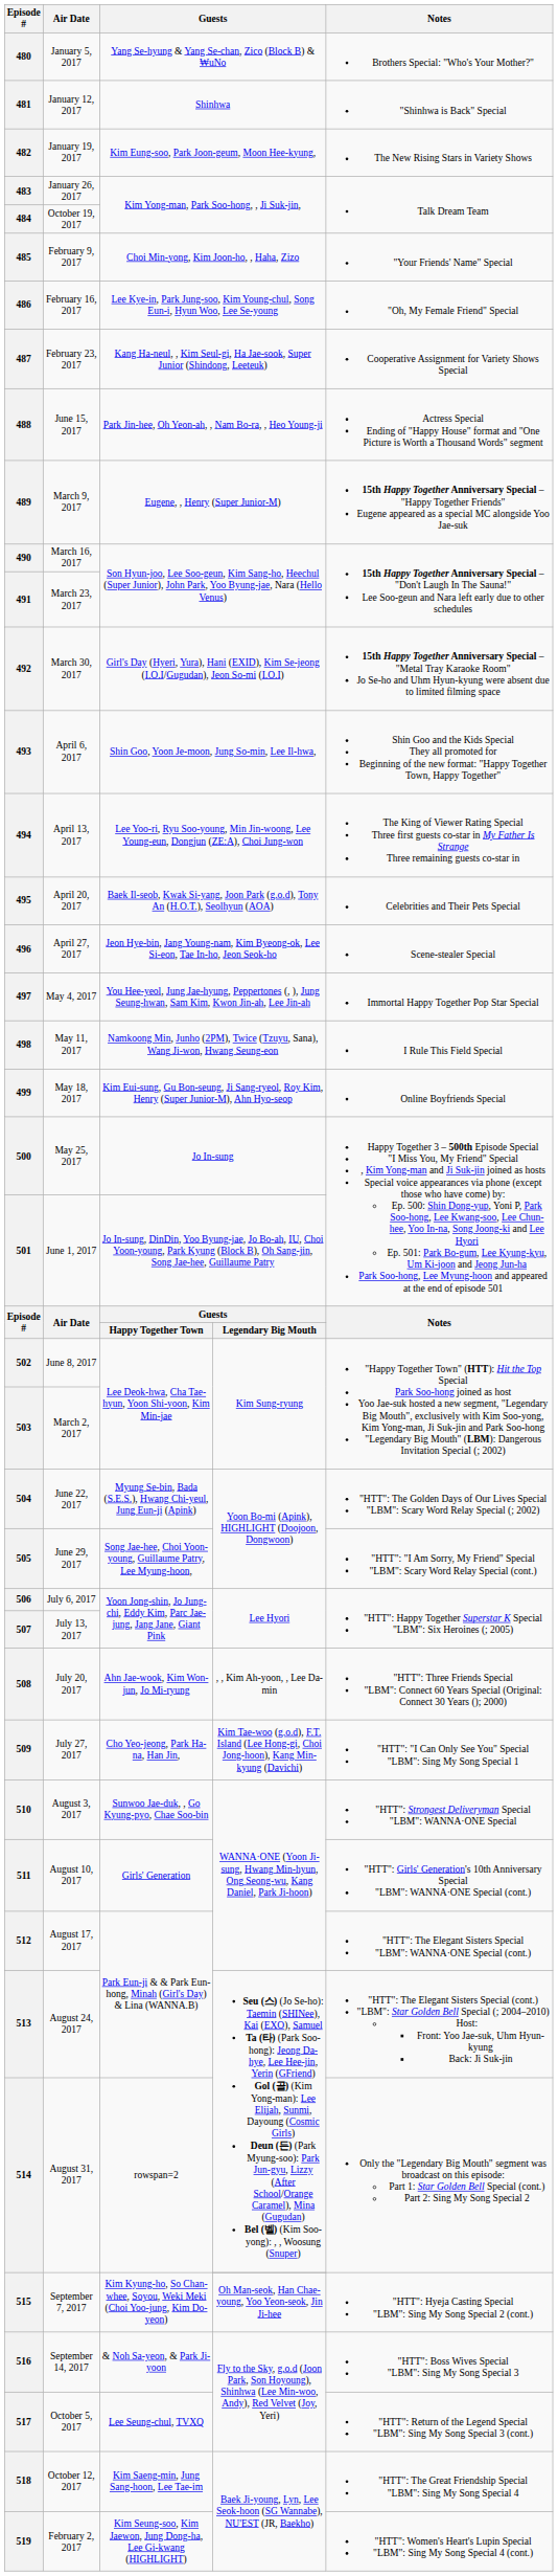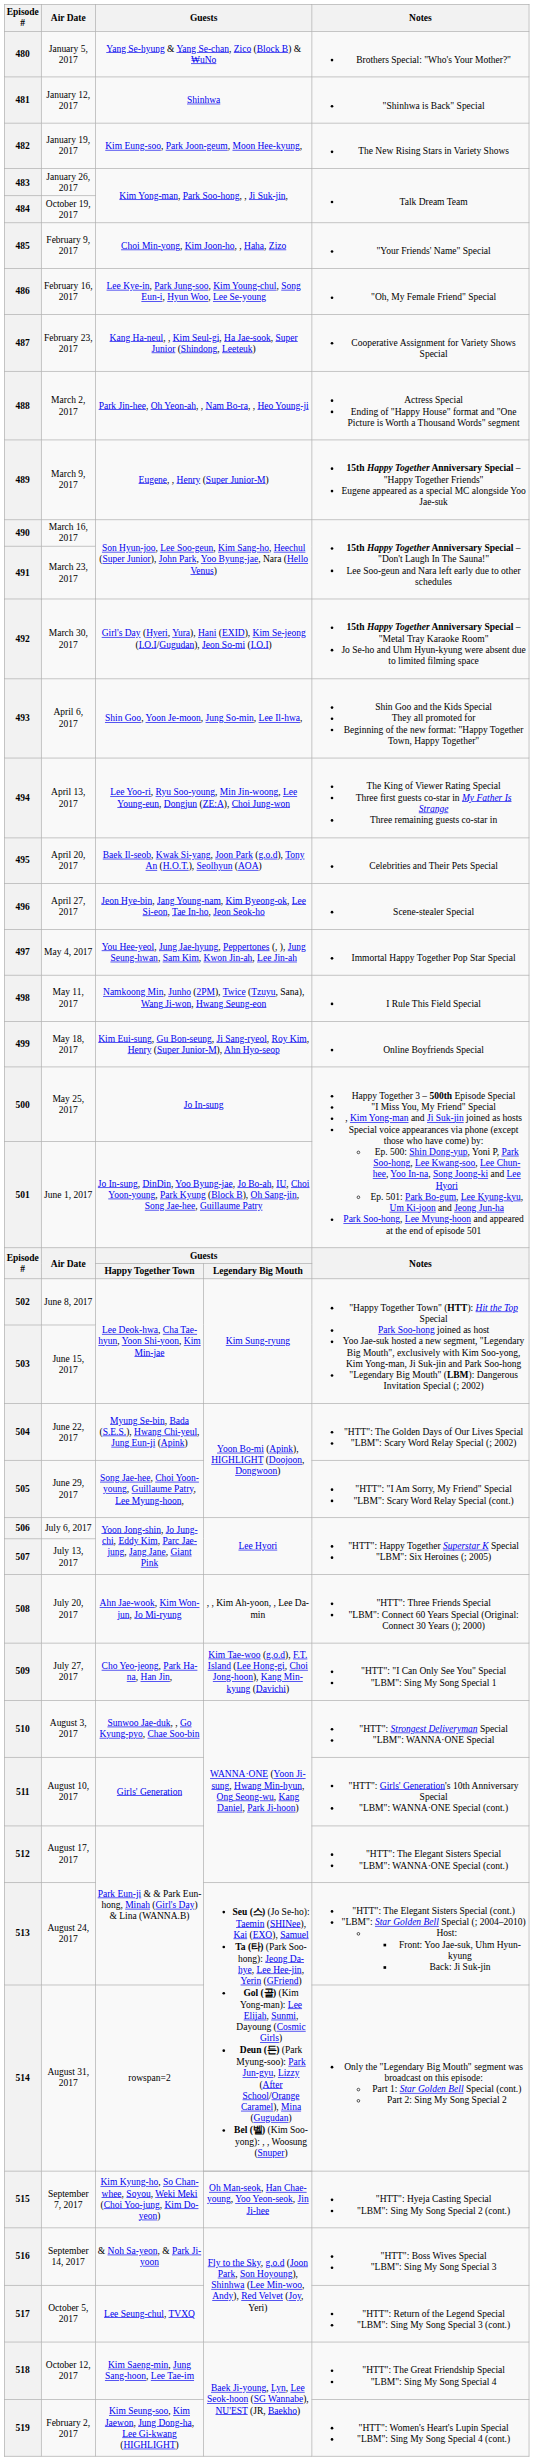 <table class="wikitable" style="text-align:center; font-size:90%; width:90%;">
 <tr>
 <th width="1%">Episode #</th>
 <th width="10%">Air Date</th>
 <th colspan="2" width="40%">Guests</th>
 <th width="40%">Notes</th>
 </tr>
 <tr>
 <th>480</th>
 <td>January 5, 2017</td>
 <td colspan=2><a href='#'>Yang Se-hyung</a> & <a href='#'>Yang Se-chan</a>, <a href='#'>Zico</a> (<a href='#'>Block B</a>) & <a href='#'>₩uNo</a></td>
 <td><br><ul><li>Brothers Special: "Who's Your Mother?"</li></ul></td>
 </tr>
 <tr>
 <th>481</th>
 <td>January 12, 2017</td>
 <td colspan=2><a href='#'>Shinhwa</a></td>
 <td><br><ul><li>"Shinhwa is Back" Special</li></ul></td>
 </tr>
 <tr>
 <th>482</th>
 <td>January 19, 2017</td>
 <td colspan=2><a href='#'>Kim Eung-soo</a>, <a href='#'>Park Joon-geum</a>, <a href='#'>Moon Hee-kyung</a>, </td>
 <td><br><ul><li>The New Rising Stars in Variety Shows</li></ul></td>
 </tr>
 <tr>
 <th>483</th>
 <td>January 26, 2017</td>
 <td colspan="2" rowspan="2"><a href='#'>Kim Yong-man</a>, <a href='#'>Park Soo-hong</a>, , <a href='#'>Ji Suk-jin</a>, </td>
 <td rowspan=2><br><ul><li>Talk Dream Team</li></ul></td>
 </tr>
 <tr>
 <th>484</th>
 <td>October 19, 2017</td>
 </tr>
 <tr>
 <th>485</th>
 <td>February 9, 2017</td>
 <td colspan=2><a href='#'>Choi Min-yong</a>, <a href='#'>Kim Joon-ho</a>, , <a href='#'>Haha</a>, <a href='#'>Zizo</a></td>
 <td><br><ul><li>"Your Friends' Name" Special</li></ul></td>
 </tr>
 <tr>
 <th>486</th>
 <td>February 16, 2017</td>
 <td colspan=2><a href='#'>Lee Kye-in</a>, <a href='#'>Park Jung-soo</a>, <a href='#'>Kim Young-chul</a>, <a href='#'>Song Eun-i</a>, <a href='#'>Hyun Woo</a>, <a href='#'>Lee Se-young</a></td>
 <td><br><ul><li>"Oh, My Female Friend" Special</li></ul></td>
 </tr>
 <tr>
 <th>487</th>
 <td>February 23, 2017</td>
 <td colspan=2><a href='#'>Kang Ha-neul</a>, , <a href='#'>Kim Seul-gi</a>, <a href='#'>Ha Jae-sook</a>, <a href='#'>Super Junior</a> (<a href='#'>Shindong</a>, <a href='#'>Leeteuk</a>)</td>
 <td><br><ul><li>Cooperative Assignment for Variety Shows Special</li></ul></td>
 </tr>
 <tr>
 <th>488</th>
-<td>June 15, 2017</td>
+<td>March 2, 2017</td>
 <td colspan=2><a href='#'>Park Jin-hee</a>, <a href='#'>Oh Yeon-ah</a>, , <a href='#'>Nam Bo-ra</a>, , <a href='#'>Heo Young-ji</a></td>
 <td><br><ul><li>Actress Special</li><li>Ending of "Happy House" format and "One Picture is Worth a Thousand Words" segment</li></ul></td>
 </tr>
 <tr>
 <th>489</th>
 <td>March 9, 2017</td>
 <td colspan=2><a href='#'>Eugene</a>, , <a href='#'>Henry</a> (<a href='#'>Super Junior-M</a>)</td>
 <td><br><ul><li><strong>15th <em>Happy Together</em> Anniversary Special</strong> – "Happy Together Friends"</li><li>Eugene appeared as a special MC alongside Yoo Jae-suk</li></ul></td>
 </tr>
 <tr>
 <th>490</th>
 <td>March 16, 2017</td>
 <td colspan="2" rowspan="2"><a href='#'>Son Hyun-joo</a>, <a href='#'>Lee Soo-geun</a>, <a href='#'>Kim Sang-ho</a>, <a href='#'>Heechul</a> (<a href='#'>Super Junior</a>), <a href='#'>John Park</a>, <a href='#'>Yoo Byung-jae</a>, Nara (<a href='#'>Hello Venus</a>)</td>
 <td rowspan=2><br><ul><li><strong>15th <em>Happy Together</em> Anniversary Special</strong> – "Don't Laugh In The Sauna!"</li><li>Lee Soo-geun and Nara left early due to other schedules</li></ul></td>
 </tr>
 <tr>
 <th rowspan=2>491</th>
 <td rowspan=2>March 23, 2017</td>
 </tr>
 <tr>
 <td colspan="2" rowspan="2"><a href='#'>Girl's Day</a> (<a href='#'>Hyeri</a>, <a href='#'>Yura</a>), <a href='#'>Hani</a> (<a href='#'>EXID</a>), <a href='#'>Kim Se-jeong</a> (<a href='#'>I.O.I</a>/<a href='#'>Gugudan</a>), <a href='#'>Jeon So-mi</a> (<a href='#'>I.O.I</a>)</td>
 <td rowspan=2><br><ul><li><strong>15th <em>Happy Together</em> Anniversary Special</strong> – "Metal Tray Karaoke Room"</li><li>Jo Se-ho and Uhm Hyun-kyung were absent due to limited filming space</li></ul></td>
 </tr>
 <tr>
 <th>492</th>
 <td>March 30, 2017</td>
 </tr>
 <tr>
 <th>493</th>
 <td>April 6, 2017</td>
 <td colspan=2><a href='#'>Shin Goo</a>, <a href='#'>Yoon Je-moon</a>, <a href='#'>Jung So-min</a>, <a href='#'>Lee Il-hwa</a>, </td>
 <td><br><ul><li>Shin Goo and the Kids Special</li><li>They all promoted for <em></em></li><li>Beginning of the new format: "Happy Together Town, Happy Together"</li></ul></td>
 </tr>
 <tr>
 <th>494</th>
 <td>April 13, 2017</td>
 <td colspan=2><a href='#'>Lee Yoo-ri</a>, <a href='#'>Ryu Soo-young</a>, <a href='#'>Min Jin-woong</a>, <a href='#'>Lee Young-eun</a>, <a href='#'>Dongjun</a> (<a href='#'>ZE:A</a>), <a href='#'>Choi Jung-won</a></td>
 <td><br><ul><li>The King of Viewer Rating Special</li><li>Three first guests co-star in <em><a href='#'>My Father Is Strange</a></em></li><li>Three remaining guests co-star in <em></em></li></ul></td>
 </tr>
 <tr>
 <th>495</th>
 <td>April 20, 2017</td>
 <td colspan=2><a href='#'>Baek Il-seob</a>, <a href='#'>Kwak Si-yang</a>, <a href='#'>Joon Park</a> (<a href='#'>g.o.d</a>), <a href='#'>Tony An</a> (<a href='#'>H.O.T.</a>), <a href='#'>Seolhyun</a> (<a href='#'>AOA</a>)</td>
 <td><br><ul><li>Celebrities and Their Pets Special</li></ul></td>
 </tr>
 <tr>
 <th>496</th>
 <td>April 27, 2017</td>
 <td colspan=2><a href='#'>Jeon Hye-bin</a>, <a href='#'>Jang Young-nam</a>, <a href='#'>Kim Byeong-ok</a>, <a href='#'>Lee Si-eon</a>, <a href='#'>Tae In-ho</a>, <a href='#'>Jeon Seok-ho</a></td>
 <td><br><ul><li>Scene-stealer Special</li></ul></td>
 </tr>
 <tr>
 <th>497</th>
 <td>May 4, 2017</td>
 <td colspan=2><a href='#'>You Hee-yeol</a>, <a href='#'>Jung Jae-hyung</a>, <a href='#'>Peppertones</a> (, ), <a href='#'>Jung Seung-hwan</a>, <a href='#'>Sam Kim</a>, <a href='#'>Kwon Jin-ah</a>, <a href='#'>Lee Jin-ah</a></td>
 <td><br><ul><li>Immortal Happy Together Pop Star Special</li></ul></td>
 </tr>
 <tr>
 <th>498</th>
 <td>May 11, 2017</td>
 <td colspan=2><a href='#'>Namkoong Min</a>, <a href='#'>Junho</a> (<a href='#'>2PM</a>), <a href='#'>Twice</a> (<a href='#'>Tzuyu</a>, Sana), <a href='#'>Wang Ji-won</a>, <a href='#'>Hwang Seung-eon</a></td>
 <td><br><ul><li>I Rule This Field Special</li></ul></td>
 </tr>
 <tr>
 <th>499</th>
 <td>May 18, 2017</td>
 <td colspan=2><a href='#'>Kim Eui-sung</a>, <a href='#'>Gu Bon-seung</a>, <a href='#'>Ji Sang-ryeol</a>, <a href='#'>Roy Kim</a>, <a href='#'>Henry</a> (<a href='#'>Super Junior-M</a>), <a href='#'>Ahn Hyo-seop</a></td>
 <td><br><ul><li>Online Boyfriends Special</li></ul></td>
 </tr>
 <tr>
 <th>500</th>
 <td>May 25, 2017</td>
 <td colspan=2><a href='#'>Jo In-sung</a></td>
 <td rowspan=2><br><ul><li>Happy Together 3 – <strong>500th</strong> Episode Special</li><li>"I Miss You, My Friend" Special</li><li>, <a href='#'>Kim Yong-man</a> and <a href='#'>Ji Suk-jin</a> joined as hosts</li><li>Special voice appearances via phone (except those who have come) by:<ul><li>Ep. 500: <a href='#'>Shin Dong-yup</a>, Yoni P, <a href='#'>Park Soo-hong</a>, <a href='#'>Lee Kwang-soo</a>, <a href='#'>Lee Chun-hee</a>, <a href='#'>Yoo In-na</a>, <a href='#'>Song Joong-ki</a> and <a href='#'>Lee Hyori</a></li><li>Ep. 501: <a href='#'>Park Bo-gum</a>, <a href='#'>Lee Kyung-kyu</a>, <a href='#'>Um Ki-joon</a> and <a href='#'>Jeong Jun-ha</a></li></ul></li><li><a href='#'>Park Soo-hong</a>, <a href='#'>Lee Myung-hoon</a> and  appeared at the end of episode 501</li></ul></td>
 </tr>
 <tr>
 <th>501</th>
 <td>June 1, 2017</td>
 <td colspan=2><a href='#'>Jo In-sung</a>, <a href='#'>DinDin</a>, <a href='#'>Yoo Byung-jae</a>, <a href='#'>Jo Bo-ah</a>, <a href='#'>IU</a>, <a href='#'>Choi Yoon-young</a>, <a href='#'>Park Kyung</a> (<a href='#'>Block B</a>), <a href='#'>Oh Sang-jin</a>, <a href='#'>Song Jae-hee</a>, <a href='#'>Guillaume Patry</a></td>
 </tr>
 <tr>
 <th rowspan="2" width="1%">Episode #</th>
 <th rowspan="2" width="10%">Air Date</th>
 <th colspan="2" width="40%">Guests</th>
 <th rowspan="2" width="40%">Notes</th>
 </tr>
 <tr>
 <th width="20%">Happy Together Town</th>
 <th width="20%">Legendary Big Mouth</th>
 </tr>
 <tr>
 <th>502</th>
 <td>June 8, 2017</td>
 <td rowspan=2><a href='#'>Lee Deok-hwa</a>, <a href='#'>Cha Tae-hyun</a>, <a href='#'>Yoon Shi-yoon</a>, <a href='#'>Kim Min-jae</a></td>
 <td rowspan=2><a href='#'>Kim Sung-ryung</a></td>
 <td rowspan=2><br><ul><li>"Happy Together Town" (<strong>HTT</strong>): <em><a href='#'>Hit the Top</a></em> Special</li><li><a href='#'>Park Soo-hong</a> joined as host</li><li>Yoo Jae-suk hosted a new segment, "Legendary Big Mouth", exclusively with Kim Soo-yong, Kim Yong-man, Ji Suk-jin and Park Soo-hong</li><li>"Legendary Big Mouth" (<strong>LBM</strong>): Dangerous Invitation Special (; 2002)</li></ul></td>
 </tr>
 <tr>
 <th>503</th>
-<td>March 2, 2017</td>
+<td>June 15, 2017</td>
 </tr>
 <tr>
 <th>504</th>
 <td>June 22, 2017</td>
 <td><a href='#'>Myung Se-bin</a>, <a href='#'>Bada</a> (<a href='#'>S.E.S.</a>), <a href='#'>Hwang Chi-yeul</a>, <a href='#'>Jung Eun-ji</a> (<a href='#'>Apink</a>)</td>
 <td rowspan=2><a href='#'>Yoon Bo-mi</a> (<a href='#'>Apink</a>), <a href='#'>HIGHLIGHT</a> (<a href='#'>Doojoon</a>, <a href='#'>Dongwoon</a>)</td>
 <td><br><ul><li>"HTT": The Golden Days of Our Lives Special</li><li>"LBM": Scary Word Relay Special (; 2002)</li></ul></td>
 </tr>
 <tr>
 <th>505</th>
 <td>June 29, 2017</td>
 <td><a href='#'>Song Jae-hee</a>, <a href='#'>Choi Yoon-young</a>, <a href='#'>Guillaume Patry</a>, <a href='#'>Lee Myung-hoon</a>, </td>
 <td><br><ul><li>"HTT": "I Am Sorry, My Friend" Special</li><li>"LBM": Scary Word Relay Special (cont.)</li></ul></td>
 </tr>
 <tr>
 <th>506</th>
 <td>July 6, 2017</td>
 <td rowspan=2><a href='#'>Yoon Jong-shin</a>, <a href='#'>Jo Jung-chi</a>, <a href='#'>Eddy Kim</a>, <a href='#'>Parc Jae-jung</a>, <a href='#'>Jang Jane</a>, <a href='#'>Giant Pink</a></td>
 <td rowspan=2><a href='#'>Lee Hyori</a></td>
 <td rowspan=2><br><ul><li>"HTT": Happy Together <em><a href='#'>Superstar K</a></em> Special</li><li>"LBM": Six Heroines (; 2005)</li></ul></td>
 </tr>
 <tr>
 <th>507</th>
 <td>July 13, 2017</td>
 </tr>
 <tr>
 <th>508</th>
 <td>July 20, 2017</td>
 <td><a href='#'>Ahn Jae-wook</a>, <a href='#'>Kim Won-jun</a>, <a href='#'>Jo Mi-ryung</a></td>
 <td>, , Kim Ah-yoon, , Lee Da-min</td>
 <td><br><ul><li>"HTT": Three Friends Special</li><li>"LBM": Connect 60 Years Special (Original: Connect 30 Years (); 2000)</li></ul></td>
 </tr>
 <tr>
 <th>509</th>
 <td>July 27, 2017</td>
 <td><a href='#'>Cho Yeo-jeong</a>, <a href='#'>Park Ha-na</a>, <a href='#'>Han Jin</a>, </td>
 <td><a href='#'>Kim Tae-woo</a> (<a href='#'>g.o.d</a>), <a href='#'>F.T. Island</a> (<a href='#'>Lee Hong-gi</a>, <a href='#'>Choi Jong-hoon</a>), <a href='#'>Kang Min-kyung</a> (<a href='#'>Davichi</a>)</td>
 <td><br><ul><li>"HTT": "I Can Only See You" Special</li><li>"LBM": Sing My Song Special 1</li></ul></td>
 </tr>
 <tr>
 <th>510</th>
 <td>August 3, 2017</td>
 <td><a href='#'>Sunwoo Jae-duk</a>, , <a href='#'>Go Kyung-pyo</a>, <a href='#'>Chae Soo-bin</a></td>
 <td rowspan=3><a href='#'>WANNA·ONE</a> (<a href='#'>Yoon Ji-sung</a>, <a href='#'>Hwang Min-hyun</a>, <a href='#'>Ong Seong-wu</a>, <a href='#'>Kang Daniel</a>, <a href='#'>Park Ji-hoon</a>)</td>
 <td><br><ul><li>"HTT": <em><a href='#'>Strongest Deliveryman</a></em> Special</li><li>"LBM": WANNA·ONE Special</li></ul></td>
 </tr>
 <tr>
 <th>511</th>
 <td>August 10, 2017</td>
 <td><a href='#'>Girls' Generation</a></td>
 <td><br><ul><li>"HTT": <a href='#'>Girls' Generation</a>'s 10th Anniversary Special</li><li>"LBM": WANNA·ONE Special (cont.)</li></ul></td>
 </tr>
 <tr>
 <th>512</th>
 <td>August 17, 2017</td>
 <td rowspan=2><a href='#'>Park Eun-ji</a> &  & Park Eun-hong, <a href='#'>Minah</a> (<a href='#'>Girl's Day</a>) & Lina (WANNA.B)</td>
 <td><br><ul><li>"HTT": The Elegant Sisters Special</li><li>"LBM": WANNA·ONE Special (cont.)</li></ul></td>
 </tr>
 <tr>
 <th>513</th>
 <td>August 24, 2017</td>
 <td rowspan=2><br><ul><li><strong>Seu (스)</strong> (Jo Se-ho): <a href='#'>Taemin</a> (<a href='#'>SHINee</a>), <a href='#'>Kai</a> (<a href='#'>EXO</a>), <a href='#'>Samuel</a></li><li><strong>Ta (타)</strong> (Park Soo-hong): <a href='#'>Jeong Da-hye</a>, <a href='#'>Lee Hee-jin</a>, <a href='#'>Yerin</a> (<a href='#'>GFriend</a>)</li><li><strong>Gol (골)</strong> (Kim Yong-man): <a href='#'>Lee Elijah</a>, <a href='#'>Sunmi</a>, Dayoung (<a href='#'>Cosmic Girls</a>)</li><li><strong>Deun (든)</strong> (Park Myung-soo): <a href='#'>Park Jun-gyu</a>, <a href='#'>Lizzy</a> (<a href='#'>After School</a>/<a href='#'>Orange Caramel</a>), <a href='#'>Mina</a> (<a href='#'>Gugudan</a>)</li><li><strong>Bel (벨)</strong> (Kim Soo-yong): , , Woosung (<a href='#'>Snuper</a>)</li></ul></td>
 <td><br><ul><li>"HTT": The Elegant Sisters Special (cont.)</li><li>"LBM": <em><a href='#'>Star Golden Bell</a></em> Special (; 2004–2010)<ul><li>Host:<ul><li>Front: Yoo Jae-suk, Uhm Hyun-kyung</li><li>Back: Ji Suk-jin</li></ul></li></ul></li></ul></td>
 </tr>
 <tr>
 <th rowspan=2>514</th>
 <td rowspan=2>August 31, 2017</td>
 <td>rowspan=2 </td>
 <td rowspan=2><br><ul><li>Only the "Legendary Big Mouth" segment was broadcast on this episode:<ul><li>Part 1: <em><a href='#'>Star Golden Bell</a></em> Special (cont.)</li><li>Part 2: Sing My Song Special 2</li></ul></li></ul></td>
 </tr>
 <tr>
 <td rowspan=2><a href='#'>Kim Kyung-ho</a>, <a href='#'>So Chan-whee</a>, <a href='#'>Soyou</a>, <a href='#'>Weki Meki</a> (<a href='#'>Choi Yoo-jung</a>, <a href='#'>Kim Do-yeon</a>)</td>
 </tr>
 <tr>
 <th>515</th>
 <td>September 7, 2017</td>
 <td><a href='#'>Oh Man-seok</a>, <a href='#'>Han Chae-young</a>, <a href='#'>Yoo Yeon-seok</a>, <a href='#'>Jin Ji-hee</a></td>
 <td><br><ul><li>"HTT": Hyeja Casting Special</li><li>"LBM": Sing My Song Special 2 (cont.)</li></ul></td>
 </tr>
 <tr>
 <th>516</th>
 <td>September 14, 2017</td>
 <td> & <a href='#'>Noh Sa-yeon</a>,  & <a href='#'>Park Ji-yoon</a></td>
 <td rowspan=2><a href='#'>Fly to the Sky</a>, <a href='#'>g.o.d</a> (<a href='#'>Joon Park</a>, <a href='#'>Son Hoyoung</a>), <a href='#'>Shinhwa</a> (<a href='#'>Lee Min-woo</a>, <a href='#'>Andy</a>), <a href='#'>Red Velvet</a> (<a href='#'>Joy</a>, Yeri)</td>
 <td><br><ul><li>"HTT": Boss Wives Special</li><li>"LBM": Sing My Song Special 3</li></ul></td>
 </tr>
 <tr>
 <th>517</th>
 <td>October 5, 2017</td>
 <td><a href='#'>Lee Seung-chul</a>, <a href='#'>TVXQ</a></td>
 <td><br><ul><li>"HTT": Return of the Legend Special</li><li>"LBM": Sing My Song Special 3 (cont.)</li></ul></td>
 </tr>
 <tr>
 <th>518</th>
 <td>October 12, 2017</td>
 <td><a href='#'>Kim Saeng-min</a>, <a href='#'>Jung Sang-hoon</a>, <a href='#'>Lee Tae-im</a></td>
 <td rowspan=2><a href='#'>Baek Ji-young</a>, <a href='#'>Lyn</a>, <a href='#'>Lee Seok-hoon</a> (<a href='#'>SG Wannabe</a>), <a href='#'>NU'EST</a> (JR, <a href='#'>Baekho</a>)</td>
 <td><br><ul><li>"HTT": The Great Friendship Special</li><li>"LBM": Sing My Song Special 4</li></ul></td>
 </tr>
 <tr>
 <th>519</th>
 <td>February 2, 2017</td>
 <td><a href='#'>Kim Seung-soo</a>, <a href='#'>Kim Jaewon</a>, <a href='#'>Jung Dong-ha</a>, <a href='#'>Lee Gi-kwang</a> (<a href='#'>HIGHLIGHT</a>)</td>
 <td><br><ul><li>"HTT": Women's Heart's Lupin Special</li><li>"LBM": Sing My Song Special 4 (cont.)</li></ul></td>
 </tr>
 </table>
